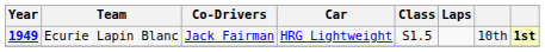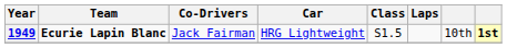 <table class="wikitable" style="text-align:center; font-size:90%">
 <tr>
 <th>Year</th>
 <th>Team</th>
 <th>Co-Drivers</th>
 <th>Car</th>
 <th>Class</th>
 <th>Laps</th>
 <th></th>
 <th></th>
 </tr>
 <tr>
 <th><a href='#'>1949</a></th>
-<td align="left">Ecurie Lapin Blanc</td>
+<td align="left"><strong>Ecurie Lapin Blanc</strong></td>
 <td align="left"> <a href='#'>Jack Fairman</a></td>
 <td align="left"><a href='#'>HRG Lightweight</a></td>
 <td>S1.5</td>
 <td></td>
 <td>10th</td>
 <td style="background:#ffffbf;"><strong>1st</strong></td>
 </tr>
 <tr>
 </tr>
 </table>
